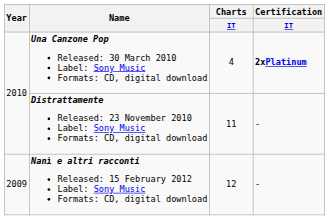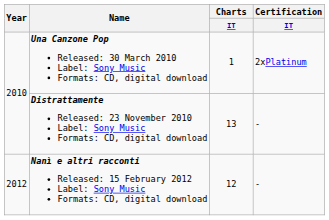 <table class="wikitable">
 <tr>
 <th rowspan="2">Year</th>
 <th rowspan="2">Name</th>
 <th>Charts</th>
 <th colspan="2">Certification</th>
 </tr>
 <tr>
 <th width="60"><small><a href='#'>IT</a></small></th>
 <th width="60"><small><a href='#'>IT</a></small></th>
 </tr>
 <tr>
 <td rowspan="2">2010</td>
 <td align=left><strong><em>Una Canzone Pop</em></strong><br><ul><li>Released: 30 March 2010</li><li>Label: <a href='#'>Sony Music</a></li><li>Formats: CD, digital download</li></ul></td>
-<td style="text-align:center;">4</td>
-<td align=left><strong>2x<a href='#'>Platinum</a></strong></td>
+<td style="text-align:center;">1</td>
+<td align=left>2x<a href='#'>Platinum</a></td>
 </tr>
 <tr>
 <td align=left><strong><em>Distrattamente</em></strong><br><ul><li>Released: 23 November 2010</li><li>Label: <a href='#'>Sony Music</a></li><li>Formats: CD, digital download</li></ul></td>
-<td style="text-align:center;">11</td>
+<td style="text-align:center;">13</td>
 <td align=left>-</td>
 </tr>
 <tr>
-<td>2009</td>
+<td>2012</td>
 <td align=left><strong><em>Nanì e altri racconti</em></strong><br><ul><li>Released: 15 February 2012</li><li>Label: <a href='#'>Sony Music</a></li><li>Formats: CD, digital download</li></ul></td>
 <td style="text-align:center;">12</td>
 <td align=left>-</td>
 </tr>
 </table>
